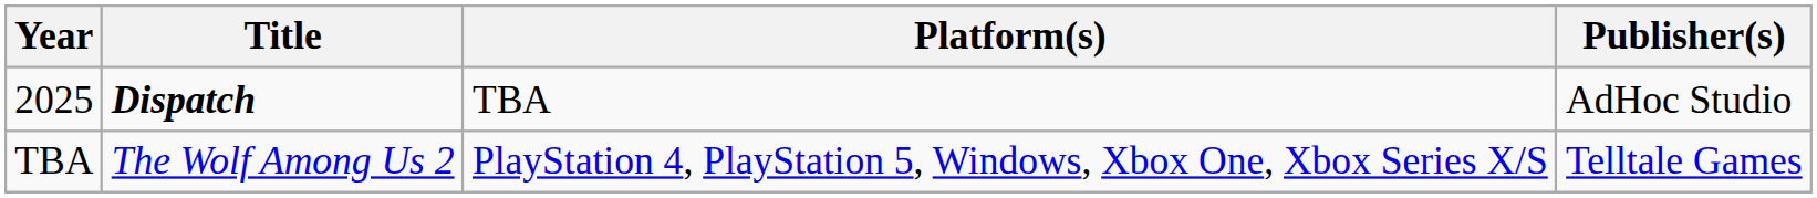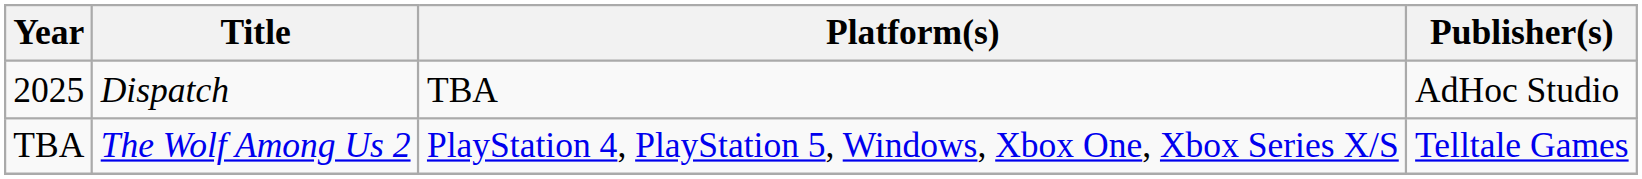 <table class="wikitable sortable">
 <tr>
 <th>Year</th>
 <th>Title</th>
 <th>Platform(s)</th>
 <th>Publisher(s)</th>
 </tr>
 <tr>
 <td>2025</td>
-<td><strong><em>Dispatch</em></strong></td>
+<td><em>Dispatch</em></td>
 <td>TBA</td>
 <td>AdHoc Studio</td>
 </tr>
 <tr>
 <td>TBA</td>
 <td><em><a href='#'>The Wolf Among Us 2</a></em></td>
 <td><a href='#'>PlayStation 4</a>, <a href='#'>PlayStation 5</a>, <a href='#'>Windows</a>, <a href='#'>Xbox One</a>, <a href='#'>Xbox Series X/S</a></td>
 <td><a href='#'>Telltale Games</a></td>
 </tr>
 <tr>
 </tr>
 </table>
